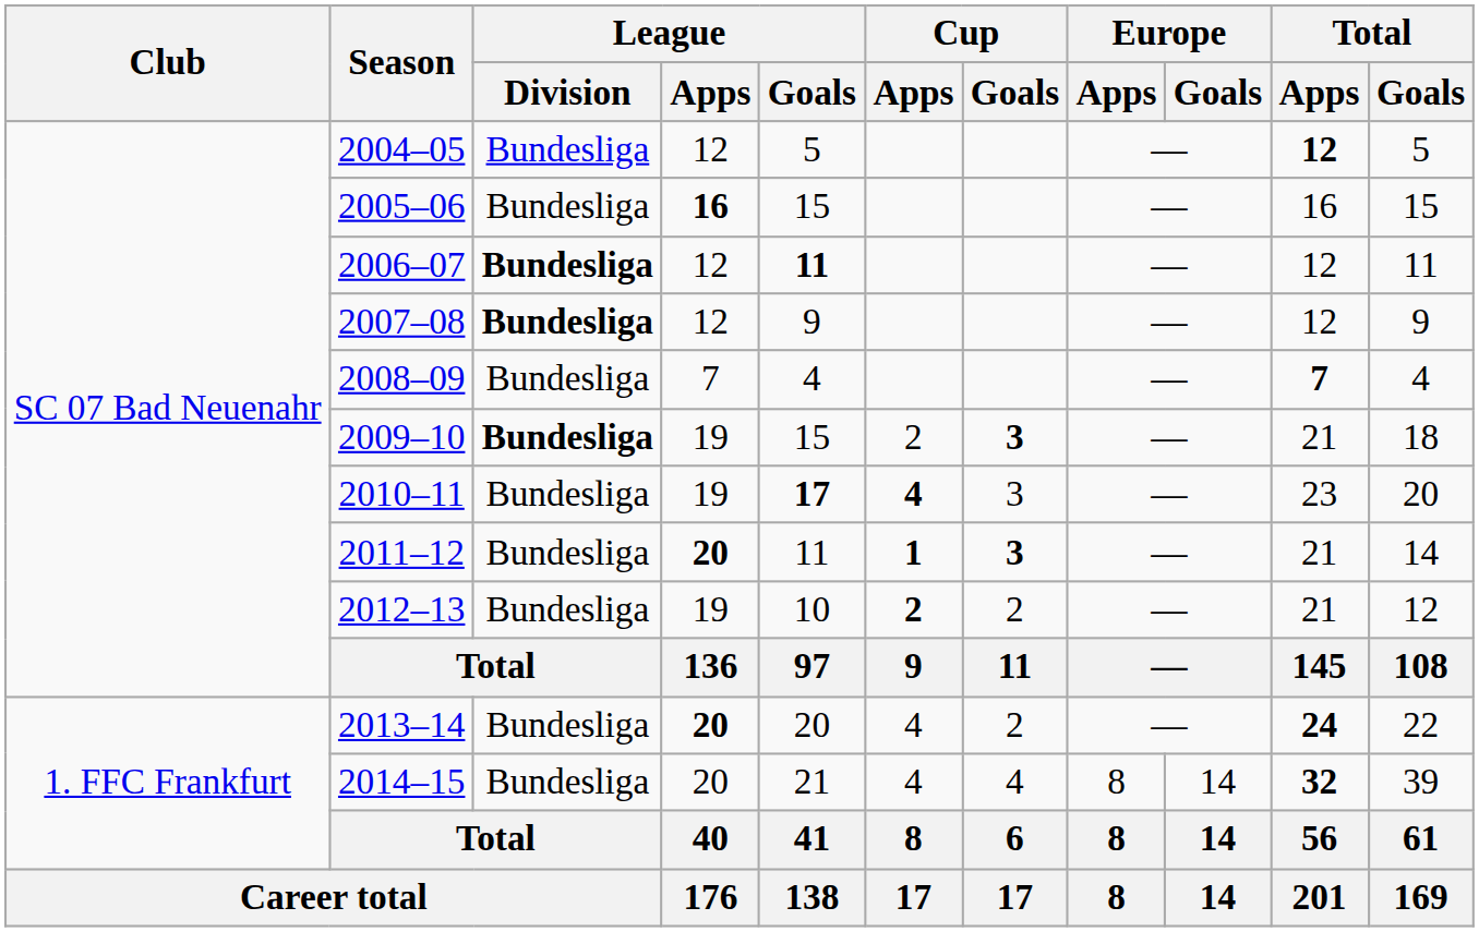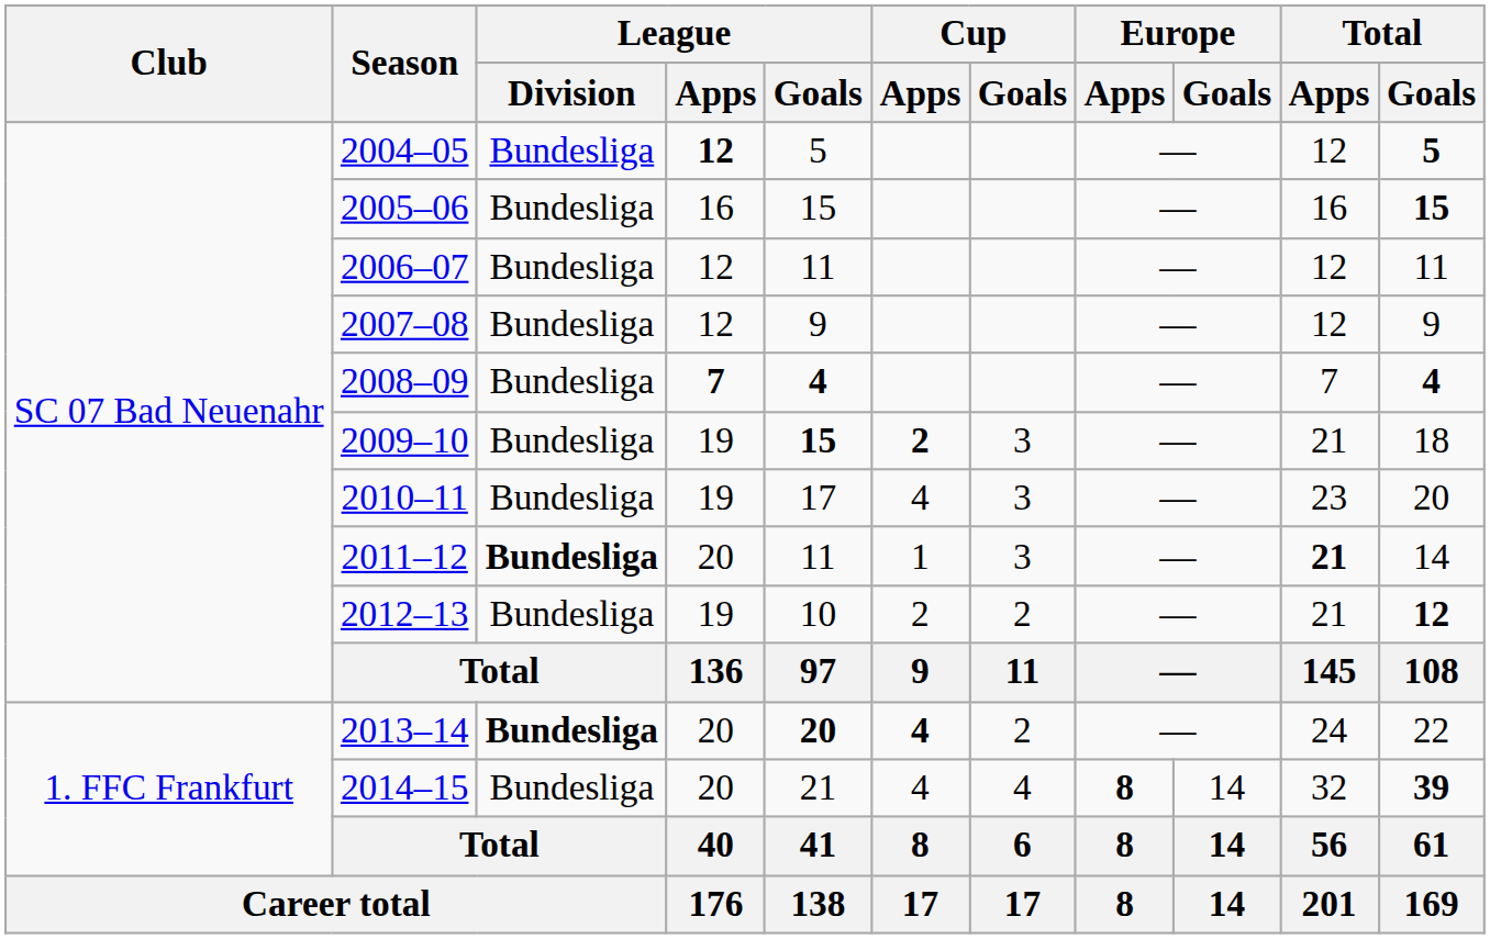 <table class=wikitable style=text-align:center>
 <tr>
 <th rowspan=2>Club</th>
 <th rowspan=2>Season</th>
 <th colspan=3>League</th>
 <th colspan=2>Cup</th>
 <th colspan=2>Europe</th>
 <th colspan=2>Total</th>
 </tr>
 <tr>
 <th>Division</th>
 <th>Apps</th>
 <th>Goals</th>
 <th>Apps</th>
 <th>Goals</th>
 <th>Apps</th>
 <th>Goals</th>
 <th>Apps</th>
 <th>Goals</th>
 </tr>
 <tr>
 <td rowspan=10><a href='#'>SC 07 Bad Neuenahr</a></td>
 <td><a href='#'>2004–05</a></td>
 <td><a href='#'>Bundesliga</a></td>
-<td>12</td>
+<td><strong>12</strong></td>
 <td>5</td>
 <td></td>
 <td></td>
 <td colspan=2>—</td>
-<td><strong>12</strong></td>
-<td>5</td>
+<td>12</td>
+<td><strong>5</strong></td>
 </tr>
 <tr>
 <td><a href='#'>2005–06</a></td>
 <td>Bundesliga</td>
-<td><strong>16</strong></td>
+<td>16</td>
 <td>15</td>
 <td></td>
 <td></td>
 <td colspan=2>—</td>
 <td>16</td>
-<td>15</td>
+<td><strong>15</strong></td>
 </tr>
 <tr>
 <td><a href='#'>2006–07</a></td>
-<td><strong>Bundesliga</strong></td>
+<td>Bundesliga</td>
 <td>12</td>
-<td><strong>11</strong></td>
+<td>11</td>
 <td></td>
 <td></td>
 <td colspan=2>—</td>
 <td>12</td>
 <td>11</td>
 </tr>
 <tr>
 <td><a href='#'>2007–08</a></td>
-<td><strong>Bundesliga</strong></td>
+<td>Bundesliga</td>
 <td>12</td>
 <td>9</td>
 <td></td>
 <td></td>
 <td colspan=2>—</td>
 <td>12</td>
 <td>9</td>
 </tr>
 <tr>
 <td><a href='#'>2008–09</a></td>
 <td>Bundesliga</td>
-<td>7</td>
-<td>4</td>
+<td><strong>7</strong></td>
+<td><strong>4</strong></td>
 <td></td>
 <td></td>
 <td colspan=2>—</td>
-<td><strong>7</strong></td>
-<td>4</td>
+<td>7</td>
+<td><strong>4</strong></td>
 </tr>
 <tr>
 <td><a href='#'>2009–10</a></td>
-<td><strong>Bundesliga</strong></td>
+<td>Bundesliga</td>
 <td>19</td>
-<td>15</td>
-<td>2</td>
-<td><strong>3</strong></td>
+<td><strong>15</strong></td>
+<td><strong>2</strong></td>
+<td>3</td>
 <td colspan=2>—</td>
 <td>21</td>
 <td>18</td>
 </tr>
 <tr>
 <td><a href='#'>2010–11</a></td>
 <td>Bundesliga</td>
 <td>19</td>
-<td><strong>17</strong></td>
-<td><strong>4</strong></td>
+<td>17</td>
+<td>4</td>
 <td>3</td>
 <td colspan=2>—</td>
 <td>23</td>
 <td>20</td>
 </tr>
 <tr>
 <td><a href='#'>2011–12</a></td>
-<td>Bundesliga</td>
-<td><strong>20</strong></td>
+<td><strong>Bundesliga</strong></td>
+<td>20</td>
 <td>11</td>
-<td><strong>1</strong></td>
-<td><strong>3</strong></td>
+<td>1</td>
+<td>3</td>
 <td colspan=2>—</td>
-<td>21</td>
+<td><strong>21</strong></td>
 <td>14</td>
 </tr>
 <tr>
 <td><a href='#'>2012–13</a></td>
 <td>Bundesliga</td>
 <td>19</td>
 <td>10</td>
-<td><strong>2</strong></td>
+<td>2</td>
 <td>2</td>
 <td colspan=2>—</td>
 <td>21</td>
-<td>12</td>
+<td><strong>12</strong></td>
 </tr>
 <tr>
 <th colspan="2">Total</th>
 <th>136</th>
 <th>97</th>
 <th>9</th>
 <th>11</th>
 <th colspan=2>—</th>
 <th>145</th>
 <th>108</th>
 </tr>
 <tr>
 <td rowspan=3><a href='#'>1. FFC Frankfurt</a></td>
 <td><a href='#'>2013–14</a></td>
-<td>Bundesliga</td>
+<td><strong>Bundesliga</strong></td>
+<td>20</td>
 <td><strong>20</strong></td>
-<td>20</td>
-<td>4</td>
+<td><strong>4</strong></td>
 <td>2</td>
 <td colspan=2>—</td>
-<td><strong>24</strong></td>
+<td>24</td>
 <td>22</td>
 </tr>
 <tr>
 <td><a href='#'>2014–15</a></td>
 <td>Bundesliga</td>
 <td>20</td>
 <td>21</td>
 <td>4</td>
 <td>4</td>
-<td>8</td>
+<td><strong>8</strong></td>
 <td>14</td>
-<td><strong>32</strong></td>
-<td>39</td>
+<td>32</td>
+<td><strong>39</strong></td>
 </tr>
 <tr>
 <th colspan="2">Total</th>
 <th>40</th>
 <th>41</th>
 <th>8</th>
 <th>6</th>
 <th>8</th>
 <th>14</th>
 <th>56</th>
 <th>61</th>
 </tr>
 <tr>
 <th colspan=3>Career total</th>
 <th>176</th>
 <th>138</th>
 <th>17</th>
 <th>17</th>
 <th>8</th>
 <th>14</th>
 <th>201</th>
 <th>169</th>
 </tr>
 </table>
